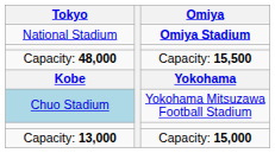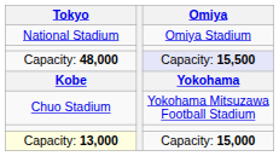 <table class=wikitable style="text-align:center">
 <tr>
 <th width=160><a href='#'>Tokyo</a></th>
 <th rowspan=8><br></th>
 <th width=160><a href='#'>Omiya</a></th>
 </tr>
 <tr>
 <td><a href='#'>National Stadium</a></td>
-<td><strong><a href='#'>Omiya Stadium</a></strong></td>
+<td><a href='#'>Omiya Stadium</a></td>
 </tr>
 <tr>
 <td></td>
 <td></td>
 </tr>
 <tr>
 <td>Capacity: <strong>48,000</strong></td>
-<td>Capacity: <strong>15,500</strong></td>
+<td style="background: lavender;">Capacity: <strong>15,500</strong></td>
 </tr>
 <tr>
 <th width=160><a href='#'>Kobe</a></th>
 <th><a href='#'>Yokohama</a></th>
 </tr>
 <tr>
-<td style="background: lightblue;"><a href='#'>Chuo Stadium</a></td>
+<td><a href='#'>Chuo Stadium</a></td>
 <td><a href='#'>Yokohama Mitsuzawa Football Stadium</a></td>
 </tr>
 <tr>
 <td></td>
 <td></td>
 </tr>
 <tr>
-<td>Capacity: <strong>13,000</strong></td>
+<td style="background: lightyellow;">Capacity: <strong>13,000</strong></td>
 <td>Capacity: <strong>15,000</strong></td>
 </tr>
 </table>
